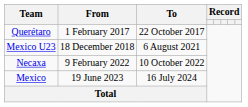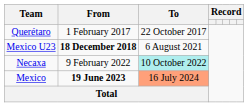 <table class="wikitable" style="text-align: center">
 <tr>
 <th rowspan="2">Team</th>
 <th rowspan="2">From</th>
 <th rowspan="2">To</th>
 <th colspan="5">Record</th>
 </tr>
 <tr>
 <th></th>
 <th></th>
 <th></th>
 <th></th>
 <th></th>
 </tr>
 <tr>
 <td><a href='#'>Querétaro</a></td>
 <td>1 February 2017</td>
 <td>22 October 2017<br></td>
 </tr>
 <tr>
 <td><a href='#'>Mexico U23</a></td>
-<td>18 December 2018</td>
+<td><strong>18 December 2018</strong></td>
 <td>6 August 2021<br></td>
 </tr>
 <tr>
 <td><a href='#'>Necaxa</a></td>
 <td>9 February 2022</td>
-<td>10 October 2022<br></td>
+<td style="background: paleturquoise;">10 October 2022<br></td>
 </tr>
 <tr>
 <td><a href='#'>Mexico</a></td>
-<td>19 June 2023</td>
-<td>16 July 2024<br></td>
+<td><strong>19 June 2023</strong></td>
+<td style="background: lightsalmon;">16 July 2024<br></td>
 </tr>
 <tr>
 <th colspan="3">Total<br></th>
 </tr>
 </table>
